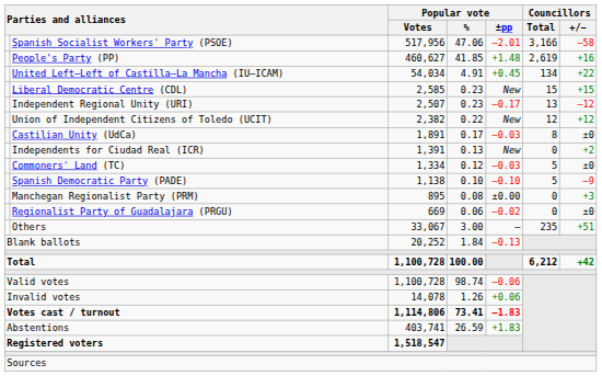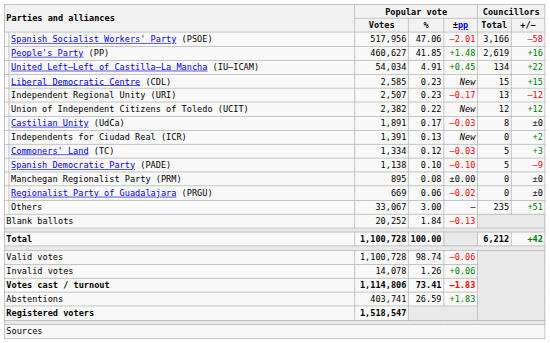 <table class="wikitable" style="text-align:right;">
 <tr>
 <th style="text-align:left;" rowspan="2" colspan="2" width="525">Parties and alliances</th>
 <th colspan="3">Popular vote</th>
 <th colspan="2">Councillors</th>
 </tr>
 <tr>
 <th width="75">Votes</th>
 <th width="45">%</th>
 <th width="45">±<a href='#'>pp</a></th>
 <th width="45">Total</th>
 <th width="45">+/−</th>
 </tr>
 <tr>
 <td width="1" style="color:inherit;background:"></td>
 <td align="left"><a href='#'>Spanish Socialist Workers' Party</a> (PSOE)</td>
 <td>517,956</td>
 <td>47.06</td>
 <td style="color:red;">–2.01</td>
 <td>3,166</td>
 <td style="color:red;">–58</td>
 </tr>
 <tr>
 <td style="color:inherit;background:"></td>
 <td align="left"><a href='#'>People's Party</a> (PP)</td>
 <td>460,627</td>
 <td>41.85</td>
 <td style="color:green;">+1.48</td>
 <td>2,619</td>
 <td style="color:green;">+16</td>
 </tr>
 <tr>
 <td style="color:inherit;background:"></td>
 <td align="left"><a href='#'>United Left–Left of Castilla–La Mancha</a> (IU–ICAM)</td>
 <td>54,034</td>
 <td>4.91</td>
 <td style="color:green;">+0.45</td>
 <td>134</td>
 <td style="color:green;">+22</td>
 </tr>
 <tr>
 <td style="color:inherit;background:"></td>
 <td align="left"><a href='#'>Liberal Democratic Centre</a> (CDL)</td>
 <td>2,585</td>
 <td>0.23</td>
 <td><em>New</em></td>
 <td>15</td>
 <td style="color:green;">+15</td>
 </tr>
 <tr>
 <td style="color:inherit;background:"></td>
 <td align="left">Independent Regional Unity (URI)</td>
 <td>2,507</td>
 <td>0.23</td>
 <td style="color:red;">–0.17</td>
 <td>13</td>
 <td style="color:red;">–12</td>
 </tr>
 <tr>
 <td style="color:inherit;background:"></td>
 <td align="left">Union of Independent Citizens of Toledo (UCIT)</td>
 <td>2,382</td>
 <td>0.22</td>
 <td><em>New</em></td>
 <td>12</td>
 <td style="color:green;">+12</td>
 </tr>
 <tr>
 <td style="color:inherit;background:"></td>
 <td align="left"><a href='#'>Castilian Unity</a> (UdCa)</td>
 <td>1,891</td>
 <td>0.17</td>
 <td style="color:red;">–0.03</td>
 <td>8</td>
 <td>±0</td>
 </tr>
 <tr>
 <td bgcolor="white"></td>
 <td align="left">Independents for Ciudad Real (ICR)</td>
 <td>1,391</td>
 <td>0.13</td>
 <td><em>New</em></td>
 <td>0</td>
 <td style="color:green;">+2</td>
 </tr>
 <tr>
 <td style="color:inherit;background:"></td>
 <td align="left"><a href='#'>Commoners' Land</a> (TC)</td>
 <td>1,334</td>
 <td>0.12</td>
 <td style="color:red;">–0.03</td>
 <td>5</td>
-<td>±0</td>
+<td style="color:green;">+3</td>
 </tr>
 <tr>
 <td style="color:inherit;background:"></td>
 <td align="left"><a href='#'>Spanish Democratic Party</a> (PADE)</td>
 <td>1,138</td>
 <td>0.10</td>
 <td style="color:red;">–0.10</td>
 <td>5</td>
 <td style="color:red;">–9</td>
 </tr>
 <tr>
 <td style="color:inherit;background:"></td>
 <td align="left">Manchegan Regionalist Party (PRM)</td>
 <td>895</td>
 <td>0.08</td>
 <td>±0.00</td>
 <td>0</td>
-<td style="color:green;">+3</td>
+<td>±0</td>
 </tr>
 <tr>
 <td style="color:inherit;background:"></td>
 <td align="left"><a href='#'>Regionalist Party of Guadalajara</a> (PRGU)</td>
 <td>669</td>
 <td>0.06</td>
 <td style="color:red;">–0.02</td>
 <td>0</td>
 <td>±0</td>
 </tr>
 <tr>
 <td bgcolor="white"></td>
 <td align="left">Others</td>
 <td>33,067</td>
 <td>3.00</td>
 <td>—</td>
 <td>235</td>
 <td style="color:green;">+51</td>
 </tr>
 <tr>
 <td align="left" colspan="2">Blank ballots</td>
 <td>20,252</td>
 <td>1.84</td>
 <td style="color:red;">–0.13</td>
 <td bgcolor="#E9E9E9" colspan="2"></td>
 </tr>
 <tr>
 <td colspan="7" bgcolor="#E9E9E9"></td>
 </tr>
 <tr style="font-weight:bold;">
 <td align="left" colspan="2">Total</td>
 <td>1,100,728</td>
 <td>100.00</td>
 <td bgcolor="#E9E9E9"></td>
 <td>6,212</td>
 <td style="color:green;">+42</td>
 </tr>
 <tr>
 <td colspan="7" bgcolor="#E9E9E9"></td>
 </tr>
 <tr>
 <td align="left" colspan="2">Valid votes</td>
 <td>1,100,728</td>
 <td>98.74</td>
 <td style="color:red;">–0.06</td>
 <td bgcolor="#E9E9E9" colspan="2" rowspan="5"></td>
 </tr>
 <tr>
 <td align="left" colspan="2">Invalid votes</td>
 <td>14,078</td>
 <td>1.26</td>
 <td style="color:green;">+0.06</td>
 </tr>
 <tr style="font-weight:bold;">
 <td align="left" colspan="2">Votes cast / turnout</td>
 <td>1,114,806</td>
 <td>73.41</td>
 <td style="color:red;">–1.83</td>
 </tr>
 <tr>
 <td align="left" colspan="2">Abstentions</td>
 <td>403,741</td>
 <td>26.59</td>
 <td style="color:green;">+1.83</td>
 </tr>
 <tr style="font-weight:bold;">
 <td align="left" colspan="2">Registered voters</td>
 <td>1,518,547</td>
 <td bgcolor="#E9E9E9" colspan="2"></td>
 </tr>
 <tr>
 <td colspan="7" bgcolor="#E9E9E9"></td>
 </tr>
 <tr>
 <td align="left" colspan="7">Sources</td>
 </tr>
 </table>
